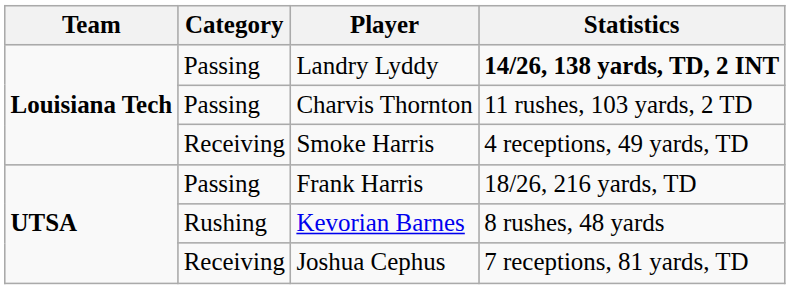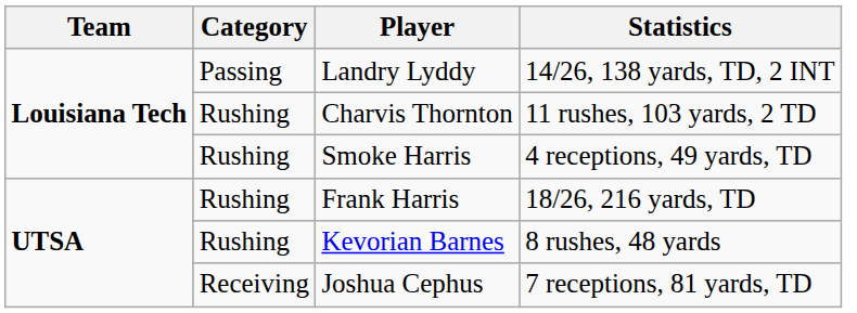 <table class="wikitable" style="float: left;">
 <tr>
 <th>Team</th>
 <th>Category</th>
 <th>Player</th>
 <th>Statistics</th>
 </tr>
 <tr>
 <td rowspan=3><strong>Louisiana Tech</strong></td>
 <td>Passing</td>
 <td>Landry Lyddy</td>
-<td><strong>14/26, 138 yards, TD, 2 INT</strong></td>
+<td>14/26, 138 yards, TD, 2 INT</td>
 </tr>
 <tr>
-<td>Passing</td>
+<td>Rushing</td>
 <td>Charvis Thornton</td>
 <td>11 rushes, 103 yards, 2 TD</td>
 </tr>
 <tr>
-<td>Receiving</td>
+<td>Rushing</td>
 <td>Smoke Harris</td>
 <td>4 receptions, 49 yards, TD</td>
 </tr>
 <tr>
 <td rowspan=3><strong>UTSA</strong></td>
-<td>Passing</td>
+<td>Rushing</td>
 <td>Frank Harris</td>
 <td>18/26, 216 yards, TD</td>
 </tr>
 <tr>
 <td>Rushing</td>
 <td><a href='#'>Kevorian Barnes</a></td>
 <td>8 rushes, 48 yards</td>
 </tr>
 <tr>
 <td>Receiving</td>
 <td>Joshua Cephus</td>
 <td>7 receptions, 81 yards, TD</td>
 </tr>
 </table>
